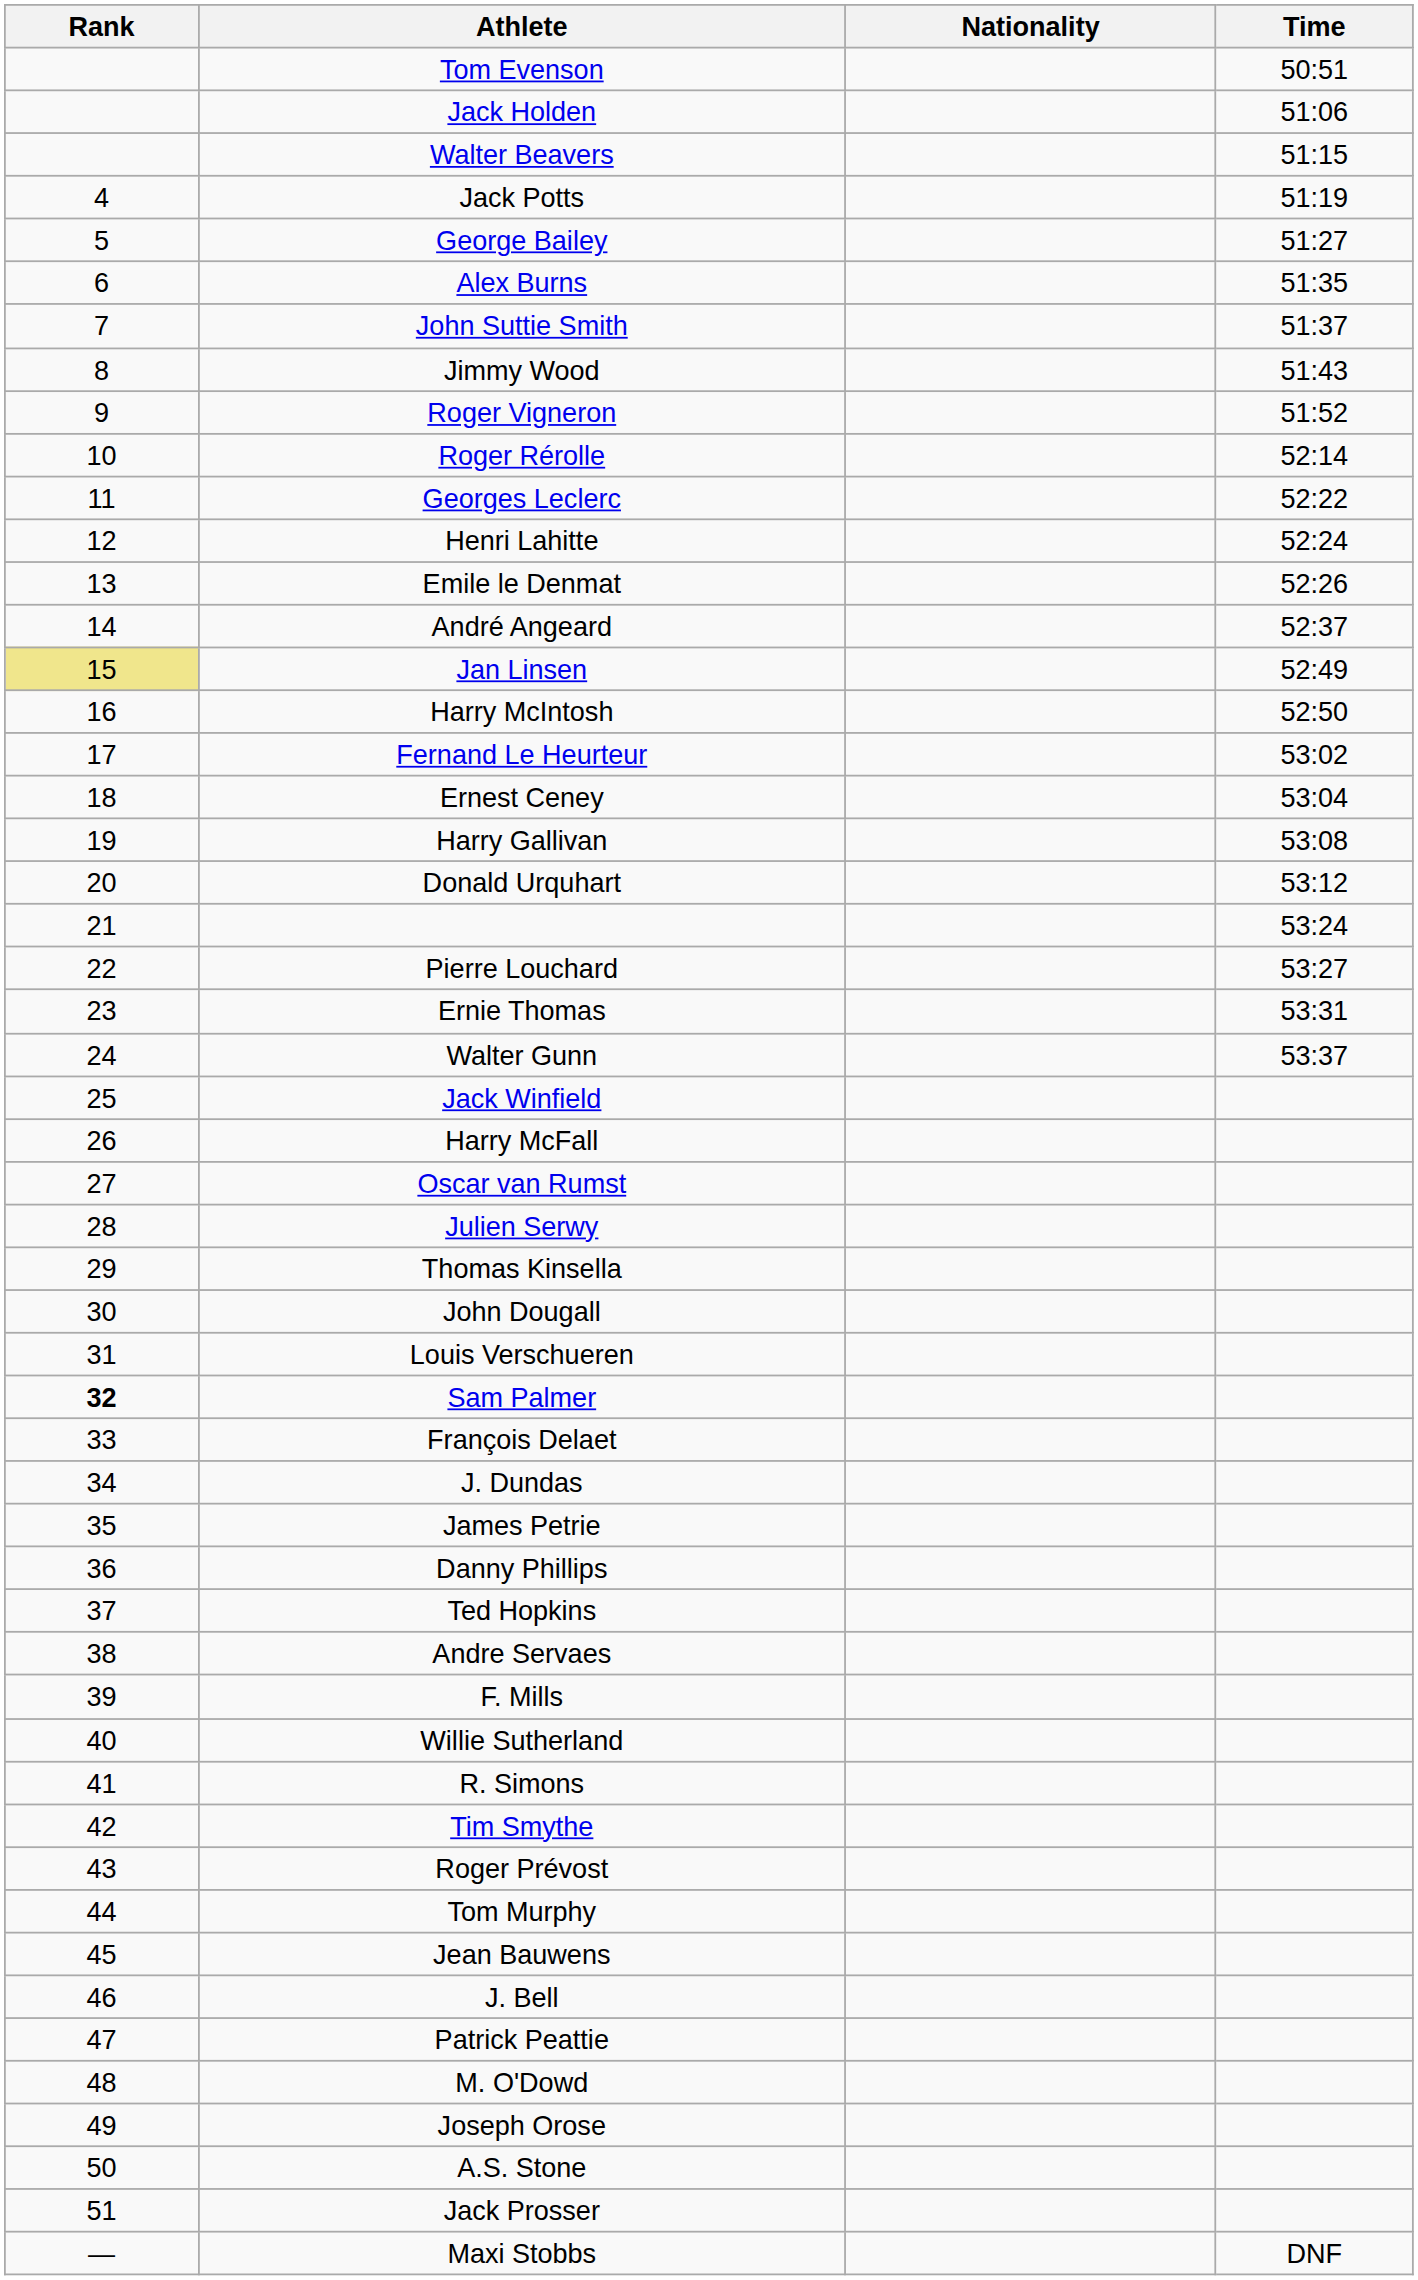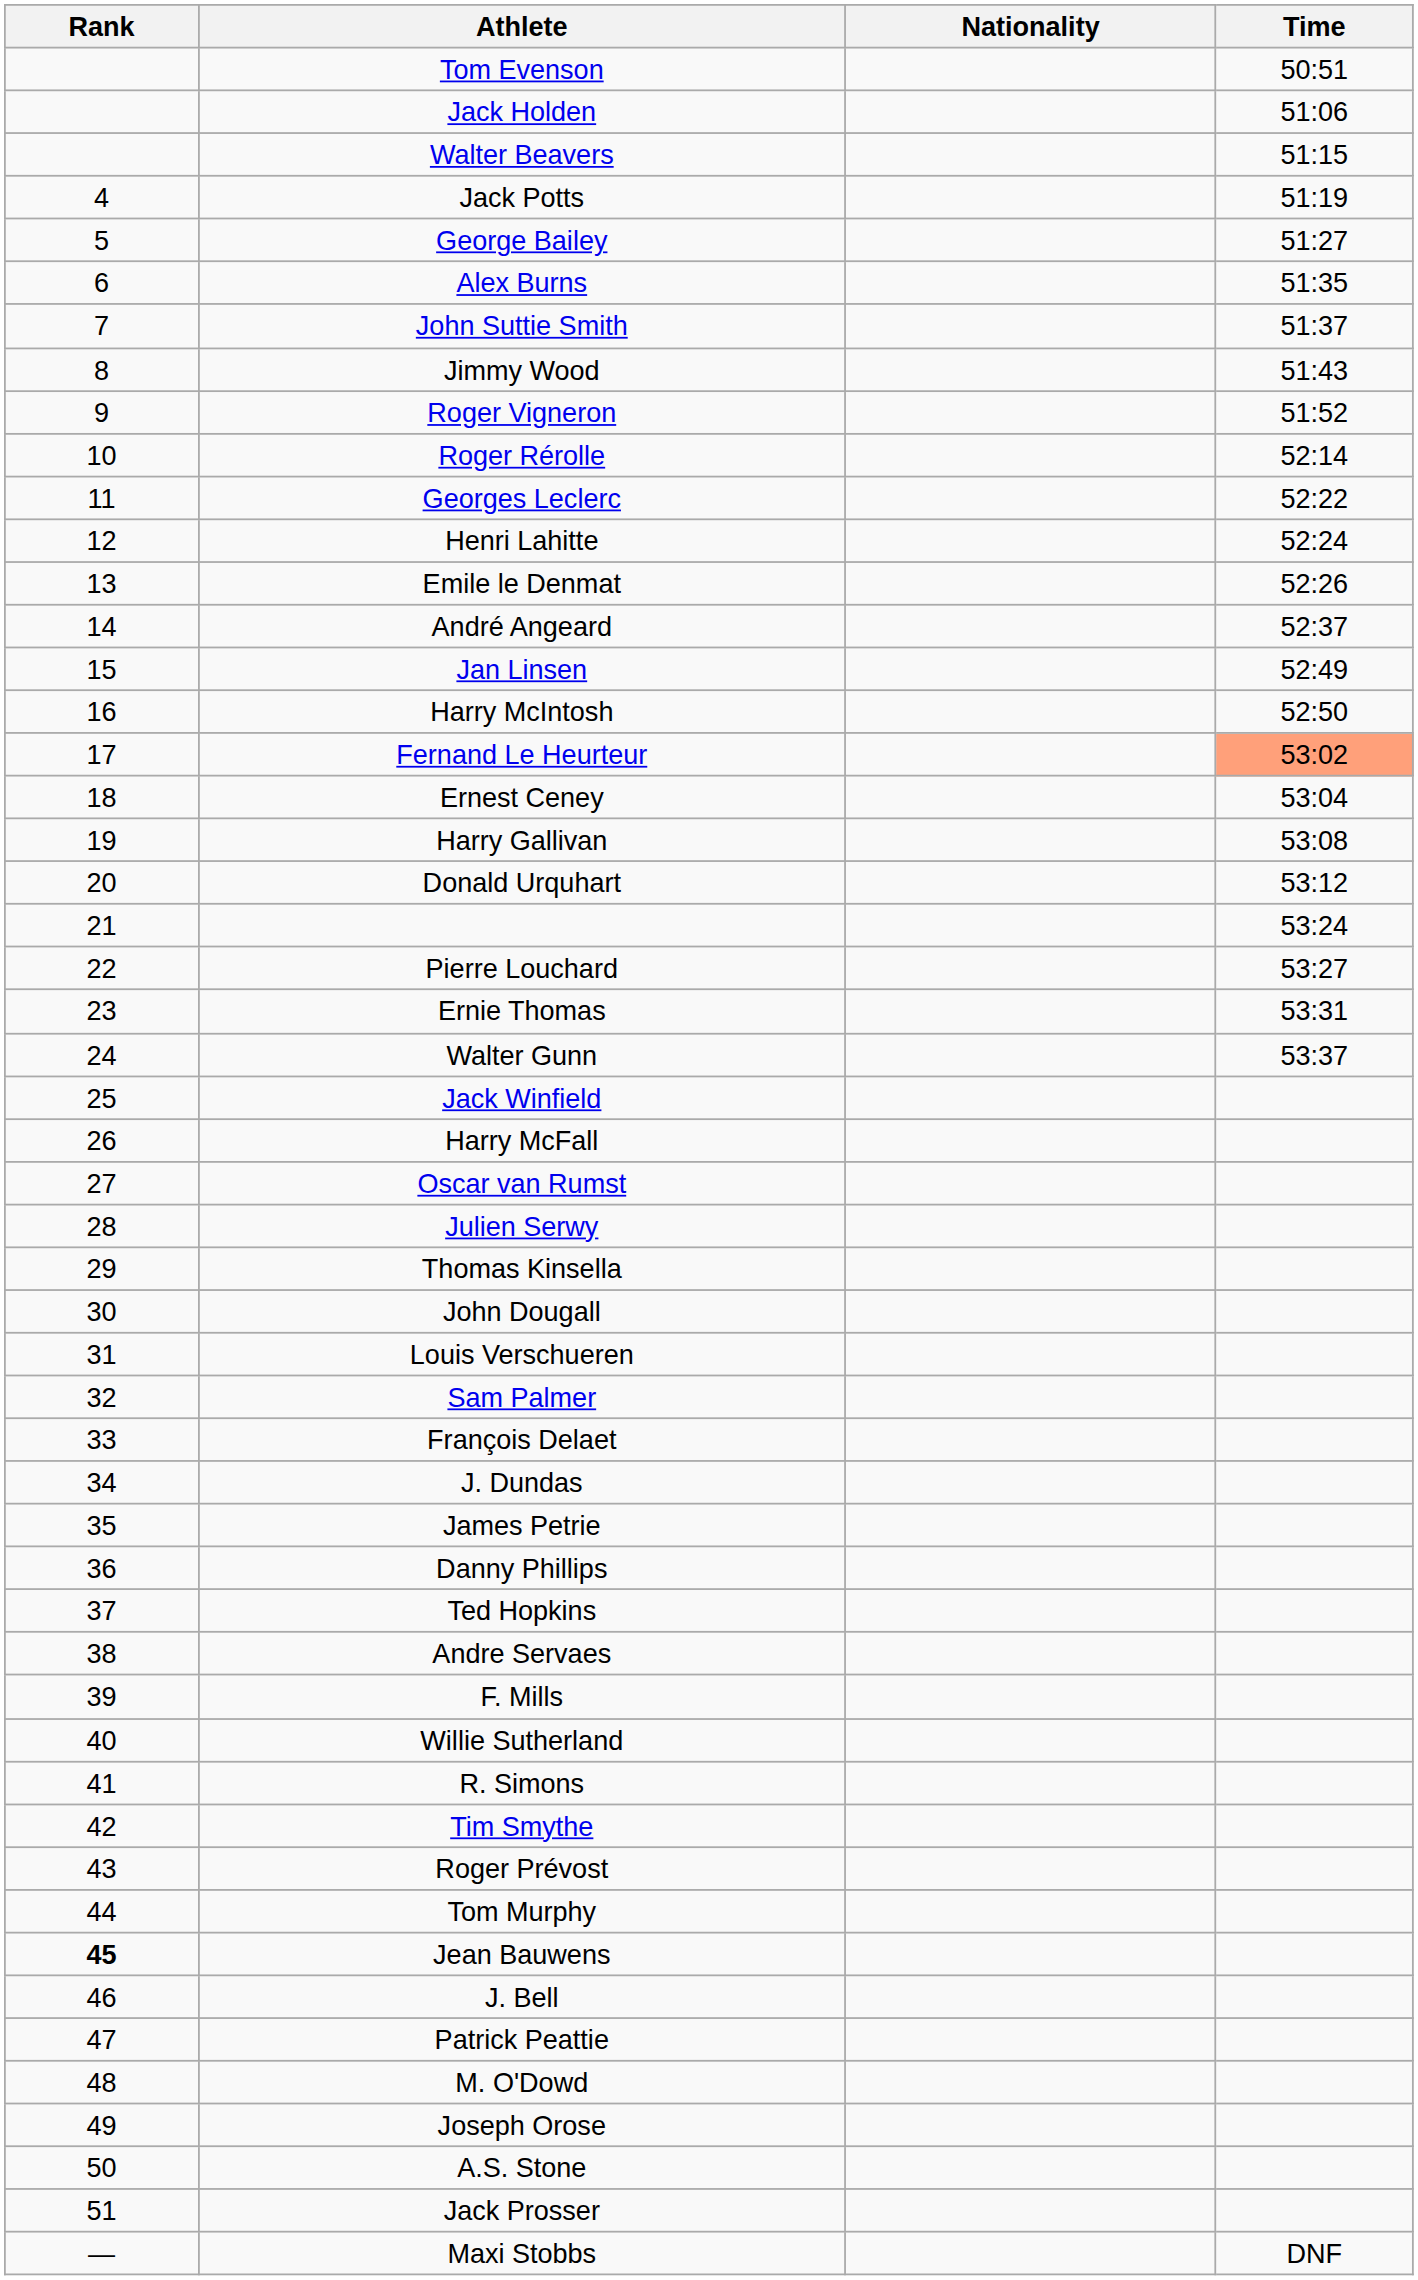 <table class="wikitable sortable" style=" text-align:center; font-size:95%;" width="50%">
 <tr>
 <th>Rank</th>
 <th>Athlete</th>
 <th>Nationality</th>
 <th>Time</th>
 </tr>
 <tr>
 <td align=center></td>
 <td><a href='#'>Tom Evenson</a></td>
 <td></td>
 <td>50:51</td>
 </tr>
 <tr>
 <td align=center></td>
 <td><a href='#'>Jack Holden</a></td>
 <td></td>
 <td>51:06</td>
 </tr>
 <tr>
 <td align=center></td>
 <td><a href='#'>Walter Beavers</a></td>
 <td></td>
 <td>51:15</td>
 </tr>
 <tr>
 <td align=center>4</td>
 <td>Jack Potts</td>
 <td></td>
 <td>51:19</td>
 </tr>
 <tr>
 <td align=center>5</td>
 <td><a href='#'>George Bailey</a></td>
 <td></td>
 <td>51:27</td>
 </tr>
 <tr>
 <td align=center>6</td>
 <td><a href='#'>Alex Burns</a></td>
 <td></td>
 <td>51:35</td>
 </tr>
 <tr>
 <td align=center>7</td>
 <td><a href='#'>John Suttie Smith</a></td>
 <td></td>
 <td>51:37</td>
 </tr>
 <tr>
 <td align=center>8</td>
 <td>Jimmy Wood</td>
 <td></td>
 <td>51:43</td>
 </tr>
 <tr>
 <td align=center>9</td>
 <td><a href='#'>Roger Vigneron</a></td>
 <td></td>
 <td>51:52</td>
 </tr>
 <tr>
 <td align=center>10</td>
 <td><a href='#'>Roger Rérolle</a></td>
 <td></td>
 <td>52:14</td>
 </tr>
 <tr>
 <td align=center>11</td>
 <td><a href='#'>Georges Leclerc</a></td>
 <td></td>
 <td>52:22</td>
 </tr>
 <tr>
 <td align=center>12</td>
 <td>Henri Lahitte</td>
 <td></td>
 <td>52:24</td>
 </tr>
 <tr>
 <td align=center>13</td>
 <td>Emile le Denmat</td>
 <td></td>
 <td>52:26</td>
 </tr>
 <tr>
 <td align=center>14</td>
 <td>André Angeard</td>
 <td></td>
 <td>52:37</td>
 </tr>
 <tr>
-<td align=center style="background: khaki;">15</td>
+<td align=center>15</td>
 <td><a href='#'>Jan Linsen</a></td>
 <td></td>
 <td>52:49</td>
 </tr>
 <tr>
 <td align=center>16</td>
 <td>Harry McIntosh</td>
 <td></td>
 <td>52:50</td>
 </tr>
 <tr>
 <td align=center>17</td>
 <td><a href='#'>Fernand Le Heurteur</a></td>
 <td></td>
-<td>53:02</td>
+<td style="background: lightsalmon;">53:02</td>
 </tr>
 <tr>
 <td align=center>18</td>
 <td>Ernest Ceney</td>
 <td></td>
 <td>53:04</td>
 </tr>
 <tr>
 <td align=center>19</td>
 <td>Harry Gallivan</td>
 <td></td>
 <td>53:08</td>
 </tr>
 <tr>
 <td align=center>20</td>
 <td>Donald Urquhart</td>
 <td></td>
 <td>53:12</td>
 </tr>
 <tr>
 <td align=center>21</td>
 <td></td>
 <td></td>
 <td>53:24</td>
 </tr>
 <tr>
 <td align=center>22</td>
 <td>Pierre Louchard</td>
 <td></td>
 <td>53:27</td>
 </tr>
 <tr>
 <td align=center>23</td>
 <td>Ernie Thomas</td>
 <td></td>
 <td>53:31</td>
 </tr>
 <tr>
 <td align=center>24</td>
 <td>Walter Gunn</td>
 <td></td>
 <td>53:37</td>
 </tr>
 <tr>
 <td align=center>25</td>
 <td><a href='#'>Jack Winfield</a></td>
 <td></td>
 <td></td>
 </tr>
 <tr>
 <td align=center>26</td>
 <td>Harry McFall</td>
 <td></td>
 <td></td>
 </tr>
 <tr>
 <td align=center>27</td>
 <td><a href='#'>Oscar van Rumst</a></td>
 <td></td>
 <td></td>
 </tr>
 <tr>
 <td align=center>28</td>
 <td><a href='#'>Julien Serwy</a></td>
 <td></td>
 <td></td>
 </tr>
 <tr>
 <td align=center>29</td>
 <td>Thomas Kinsella</td>
 <td></td>
 <td></td>
 </tr>
 <tr>
 <td align=center>30</td>
 <td>John Dougall</td>
 <td></td>
 <td></td>
 </tr>
 <tr>
 <td align=center>31</td>
 <td>Louis Verschueren</td>
 <td></td>
 <td></td>
 </tr>
 <tr>
-<td align=center><strong>32</strong></td>
+<td align=center>32</td>
 <td><a href='#'>Sam Palmer</a></td>
 <td></td>
 <td></td>
 </tr>
 <tr>
 <td align=center>33</td>
 <td>François Delaet</td>
 <td></td>
 <td></td>
 </tr>
 <tr>
 <td align=center>34</td>
 <td>J. Dundas</td>
 <td></td>
 <td></td>
 </tr>
 <tr>
 <td align=center>35</td>
 <td>James Petrie</td>
 <td></td>
 <td></td>
 </tr>
 <tr>
 <td align=center>36</td>
 <td>Danny Phillips</td>
 <td></td>
 <td></td>
 </tr>
 <tr>
 <td align=center>37</td>
 <td>Ted Hopkins</td>
 <td></td>
 <td></td>
 </tr>
 <tr>
 <td align=center>38</td>
 <td>Andre Servaes</td>
 <td></td>
 <td></td>
 </tr>
 <tr>
 <td align=center>39</td>
 <td>F. Mills</td>
 <td></td>
 <td></td>
 </tr>
 <tr>
 <td align=center>40</td>
 <td>Willie Sutherland</td>
 <td></td>
 <td></td>
 </tr>
 <tr>
 <td align=center>41</td>
 <td>R. Simons</td>
 <td></td>
 <td></td>
 </tr>
 <tr>
 <td align=center>42</td>
 <td><a href='#'>Tim Smythe</a></td>
 <td></td>
 <td></td>
 </tr>
 <tr>
 <td align=center>43</td>
 <td>Roger Prévost</td>
 <td></td>
 <td></td>
 </tr>
 <tr>
 <td align=center>44</td>
 <td>Tom Murphy</td>
 <td></td>
 <td></td>
 </tr>
 <tr>
-<td align=center>45</td>
+<td align=center><strong>45</strong></td>
 <td>Jean Bauwens</td>
 <td></td>
 <td></td>
 </tr>
 <tr>
 <td align=center>46</td>
 <td>J. Bell</td>
 <td></td>
 <td></td>
 </tr>
 <tr>
 <td align=center>47</td>
 <td>Patrick Peattie</td>
 <td></td>
 <td></td>
 </tr>
 <tr>
 <td align=center>48</td>
 <td>M. O'Dowd</td>
 <td></td>
 <td></td>
 </tr>
 <tr>
 <td align=center>49</td>
 <td>Joseph Orose</td>
 <td></td>
 <td></td>
 </tr>
 <tr>
 <td align=center>50</td>
 <td>A.S. Stone</td>
 <td></td>
 <td></td>
 </tr>
 <tr>
 <td align=center>51</td>
 <td>Jack Prosser</td>
 <td></td>
 <td></td>
 </tr>
 <tr>
 <td align=center>—</td>
 <td>Maxi Stobbs</td>
 <td></td>
 <td>DNF</td>
 </tr>
 </table>
